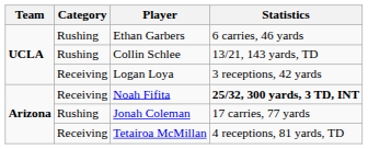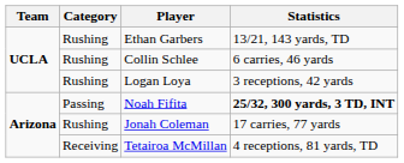 <table class="wikitable" style="float: right;">
 <tr>
 <th>Team</th>
 <th>Category</th>
 <th>Player</th>
 <th>Statistics</th>
 </tr>
 <tr>
 <td rowspan=3><strong>UCLA</strong></td>
 <td>Rushing</td>
 <td>Ethan Garbers</td>
+<td>13/21, 143 yards, TD</td>
+</tr>
+<tr>
+<td>Rushing</td>
+<td>Collin Schlee</td>
 <td>6 carries, 46 yards</td>
 </tr>
 <tr>
 <td>Rushing</td>
-<td>Collin Schlee</td>
-<td>13/21, 143 yards, TD</td>
-</tr>
-<tr>
-<td>Receiving</td>
 <td>Logan Loya</td>
 <td>3 receptions, 42 yards</td>
 </tr>
 <tr>
 <td rowspan=3><strong>Arizona</strong></td>
-<td>Receiving</td>
+<td>Passing</td>
 <td><a href='#'>Noah Fifita</a></td>
 <td><strong>25/32, 300 yards, 3 TD, INT</strong></td>
 </tr>
 <tr>
 <td>Rushing</td>
 <td><a href='#'>Jonah Coleman</a></td>
 <td>17 carries, 77 yards</td>
 </tr>
 <tr>
 <td>Receiving</td>
 <td><a href='#'>Tetairoa McMillan</a></td>
 <td>4 receptions, 81 yards, TD</td>
 </tr>
 </table>
